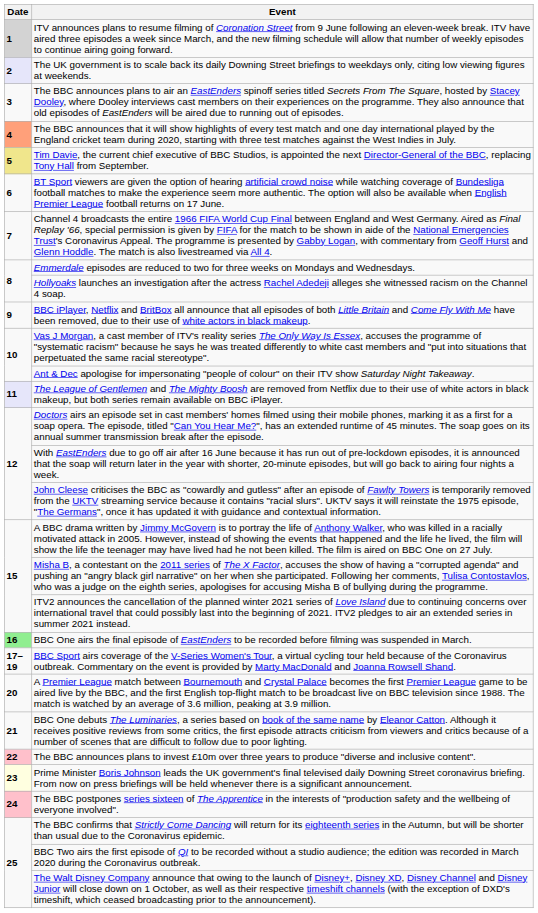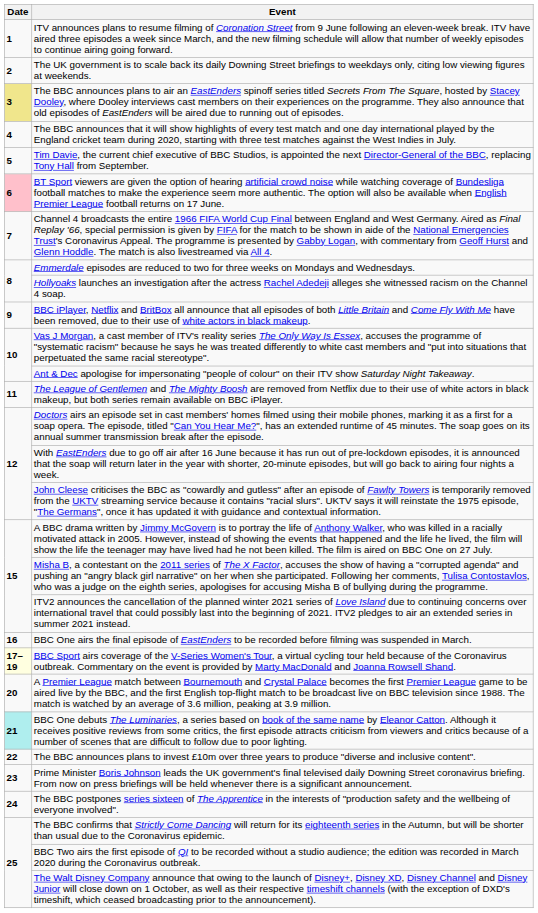 <table class="wikitable">
 <tr>
 <th>Date</th>
 <th>Event</th>
 </tr>
 <tr>
-<td style="background: lightgrey;"><strong>1</strong></td>
+<td><strong>1</strong></td>
 <td>ITV announces plans to resume filming of <em><a href='#'>Coronation Street</a></em> from 9 June following an eleven-week break. ITV have aired three episodes a week since March, and the new filming schedule will allow that number of weekly episodes to continue airing going forward.</td>
 </tr>
 <tr>
-<td style="background: lavender;"><strong>2</strong></td>
+<td><strong>2</strong></td>
 <td>The UK government is to scale back its daily Downing Street briefings to weekdays only, citing low viewing figures at weekends.</td>
 </tr>
 <tr>
-<td><strong>3</strong></td>
+<td style="background: khaki;"><strong>3</strong></td>
 <td>The BBC announces plans to air an <em><a href='#'>EastEnders</a></em> spinoff series titled <em>Secrets From The Square</em>, hosted by <a href='#'>Stacey Dooley</a>, where Dooley interviews cast members on their experiences on the programme. They also announce that old episodes of <em>EastEnders</em> will be aired due to running out of episodes.</td>
 </tr>
 <tr>
-<td style="background: lightsalmon;"><strong>4</strong></td>
+<td><strong>4</strong></td>
 <td>The BBC announces that it will show highlights of every test match and one day international played by the England cricket team during 2020, starting with three test matches against the West Indies in July.</td>
 </tr>
 <tr>
-<td style="background: khaki;"><strong>5</strong></td>
+<td><strong>5</strong></td>
 <td><a href='#'>Tim Davie</a>, the current chief executive of BBC Studios, is appointed the next <a href='#'>Director-General of the BBC</a>, replacing <a href='#'>Tony Hall</a> from September.</td>
 </tr>
 <tr>
-<td><strong>6</strong></td>
+<td style="background: pink;"><strong>6</strong></td>
 <td><a href='#'>BT Sport</a> viewers are given the option of hearing <a href='#'>artificial crowd noise</a> while watching coverage of <a href='#'>Bundesliga</a> football matches to make the experience seem more authentic. The option will also be available when <a href='#'>English Premier League</a> football returns on 17 June.</td>
 </tr>
 <tr>
 <td><strong>7</strong></td>
 <td>Channel 4 broadcasts the entire <a href='#'>1966 FIFA World Cup Final</a> between England and West Germany. Aired as <em>Final Replay '66</em>, special permission is given by <a href='#'>FIFA</a> for the match to be shown in aide of the <a href='#'>National Emergencies Trust</a>'s Coronavirus Appeal. The programme is presented by <a href='#'>Gabby Logan</a>, with commentary from <a href='#'>Geoff Hurst</a> and <a href='#'>Glenn Hoddle</a>. The match is also livestreamed via <a href='#'>All 4</a>.</td>
 </tr>
 <tr>
 <td rowspan=2><strong>8</strong></td>
 <td><em><a href='#'>Emmerdale</a></em> episodes are reduced to two for three weeks on Mondays and Wednesdays.</td>
 </tr>
 <tr>
 <td><em><a href='#'>Hollyoaks</a></em> launches an investigation after the actress <a href='#'>Rachel Adedeji</a> alleges she witnessed racism on the Channel 4 soap.</td>
 </tr>
 <tr>
 <td><strong>9</strong></td>
 <td><a href='#'>BBC iPlayer</a>, <a href='#'>Netflix</a> and <a href='#'>BritBox</a> all announce that all episodes of both <em><a href='#'>Little Britain</a></em> and <em><a href='#'>Come Fly With Me</a></em> have been removed, due to their use of <a href='#'>white actors in black makeup</a>.</td>
 </tr>
 <tr>
 <td rowspan=2><strong>10</strong></td>
 <td><a href='#'>Vas J Morgan</a>, a cast member of ITV's reality series <em><a href='#'>The Only Way Is Essex</a></em>, accuses the programme of "systematic racism" because he says he was treated differently to white cast members and "put into situations that perpetuated the same racial stereotype".</td>
 </tr>
 <tr>
 <td><a href='#'>Ant & Dec</a> apologise for impersonating "people of colour" on their ITV show <em>Saturday Night Takeaway</em>.</td>
 </tr>
 <tr>
-<td style="background: lavender;"><strong>11</strong></td>
+<td><strong>11</strong></td>
 <td><em><a href='#'>The League of Gentlemen</a></em> and <em><a href='#'>The Mighty Boosh</a></em> are removed from Netflix due to their use of white actors in black makeup, but both series remain available on BBC iPlayer.</td>
 </tr>
 <tr>
 <td rowspan=3><strong>12</strong></td>
 <td><em><a href='#'>Doctors</a></em> airs an episode set in cast members' homes filmed using their mobile phones, marking it as a first for a soap opera. The episode, titled "<a href='#'>Can You Hear Me?</a>", has an extended runtime of 45 minutes. The soap goes on its annual summer transmission break after the episode.</td>
 </tr>
 <tr>
 <td>With <em><a href='#'>EastEnders</a></em> due to go off air after 16 June because it has run out of pre-lockdown episodes, it is announced that the soap will return later in the year with shorter, 20-minute episodes, but will go back to airing four nights a week.</td>
 </tr>
 <tr>
 <td><a href='#'>John Cleese</a> criticises the BBC as "cowardly and gutless" after an episode of <em><a href='#'>Fawlty Towers</a></em> is temporarily removed from the <a href='#'>UKTV</a> streaming service because it contains "racial slurs". UKTV says it will reinstate the 1975 episode, "<a href='#'>The Germans</a>", once it has updated it with guidance and contextual information.</td>
 </tr>
 <tr>
 <td rowspan=3><strong>15</strong></td>
 <td>A BBC drama written by <a href='#'>Jimmy McGovern</a> is to portray the life of <a href='#'>Anthony Walker</a>, who was killed in a racially motivated attack in 2005. However, instead of showing the events that happened and the life he lived, the film will show the life the teenager may have lived had he not been killed. The film is aired on BBC One on 27 July.</td>
 </tr>
 <tr>
 <td><a href='#'>Misha B</a>, a contestant on the <a href='#'>2011 series</a> of <em><a href='#'>The X Factor</a></em>, accuses the show of having a "corrupted agenda" and pushing an "angry black girl narrative" on her when she participated. Following her comments, <a href='#'>Tulisa Contostavlos</a>, who was a judge on the eighth series, apologises for accusing Misha B of bullying during the programme.</td>
 </tr>
 <tr>
 <td>ITV2 announces the cancellation of the planned winter 2021 series of <em><a href='#'>Love Island</a></em> due to continuing concerns over international travel that could possibly last into the beginning of 2021. ITV2 pledges to air an extended series in summer 2021 instead.</td>
 </tr>
 <tr>
-<td style="background: lightgreen;"><strong>16</strong></td>
+<td><strong>16</strong></td>
 <td>BBC One airs the final episode of <em><a href='#'>EastEnders</a></em> to be recorded before filming was suspended in March.</td>
 </tr>
 <tr>
-<td><strong>17–19</strong></td>
+<td style="background: lightyellow;"><strong>17–19</strong></td>
 <td><a href='#'>BBC Sport</a> airs coverage of the <a href='#'>V-Series Women's Tour</a>, a virtual cycling tour held because of the Coronavirus outbreak. Commentary on the event is provided by <a href='#'>Marty MacDonald</a> and <a href='#'>Joanna Rowsell Shand</a>.</td>
 </tr>
 <tr>
 <td><strong>20</strong></td>
 <td>A <a href='#'>Premier League</a> match between <a href='#'>Bournemouth</a> and <a href='#'>Crystal Palace</a> becomes the first <a href='#'>Premier League</a> game to be aired live by the BBC, and the first English top-flight match to be broadcast live on BBC television since 1988. The match is watched by an average of 3.6 million, peaking at 3.9 million.</td>
 </tr>
 <tr>
-<td><strong>21</strong></td>
+<td style="background: paleturquoise;"><strong>21</strong></td>
 <td>BBC One debuts <em><a href='#'>The Luminaries</a></em>, a series based on <a href='#'>book of the same name</a> by <a href='#'>Eleanor Catton</a>. Although it receives positive reviews from some critics, the first episode attracts criticism from viewers and critics because of a number of scenes that are difficult to follow due to poor lighting.</td>
 </tr>
 <tr>
-<td style="background: pink;"><strong>22</strong></td>
+<td><strong>22</strong></td>
 <td>The BBC announces plans to invest £10m over three years to produce "diverse and inclusive content".</td>
 </tr>
 <tr>
-<td style="background: lightyellow;"><strong>23</strong></td>
+<td><strong>23</strong></td>
 <td>Prime Minister <a href='#'>Boris Johnson</a> leads the UK government's final televised daily Downing Street coronavirus briefing. From now on press briefings will be held whenever there is a significant announcement.</td>
 </tr>
 <tr>
-<td style="background: pink;"><strong>24</strong></td>
+<td><strong>24</strong></td>
 <td>The BBC postpones <a href='#'>series sixteen</a> of <em><a href='#'>The Apprentice</a></em> in the interests of "production safety and the wellbeing of everyone involved".</td>
 </tr>
 <tr>
 <td rowspan=3><strong>25</strong></td>
 <td>The BBC confirms that <em><a href='#'>Strictly Come Dancing</a></em> will return for its <a href='#'>eighteenth series</a> in the Autumn, but will be shorter than usual due to the Coronavirus epidemic.</td>
 </tr>
 <tr>
 <td>BBC Two airs the first episode of <em><a href='#'>QI</a></em> to be recorded without a studio audience; the edition was recorded in March 2020 during the Coronavirus outbreak.</td>
 </tr>
 <tr>
 <td><a href='#'>The Walt Disney Company</a> announce that owing to the launch of <a href='#'>Disney+</a>, <a href='#'>Disney XD</a>, <a href='#'>Disney Channel</a> and <a href='#'>Disney Junior</a> will close down on 1 October, as well as their respective <a href='#'>timeshift channels</a> (with the exception of DXD's timeshift, which ceased broadcasting prior to the announcement).</td>
 </tr>
 </table>
